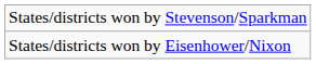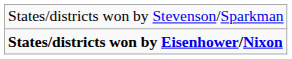 <table class="wikitable">
 <tr>
 <td>States/districts won by <a href='#'>Stevenson</a>/<a href='#'>Sparkman</a></td>
 </tr>
 <tr>
-<td>States/districts won by <a href='#'>Eisenhower</a>/<a href='#'>Nixon</a></td>
+<td><strong>States/districts won by <a href='#'>Eisenhower</a>/<a href='#'>Nixon</a></strong></td>
 </tr>
 </table>
